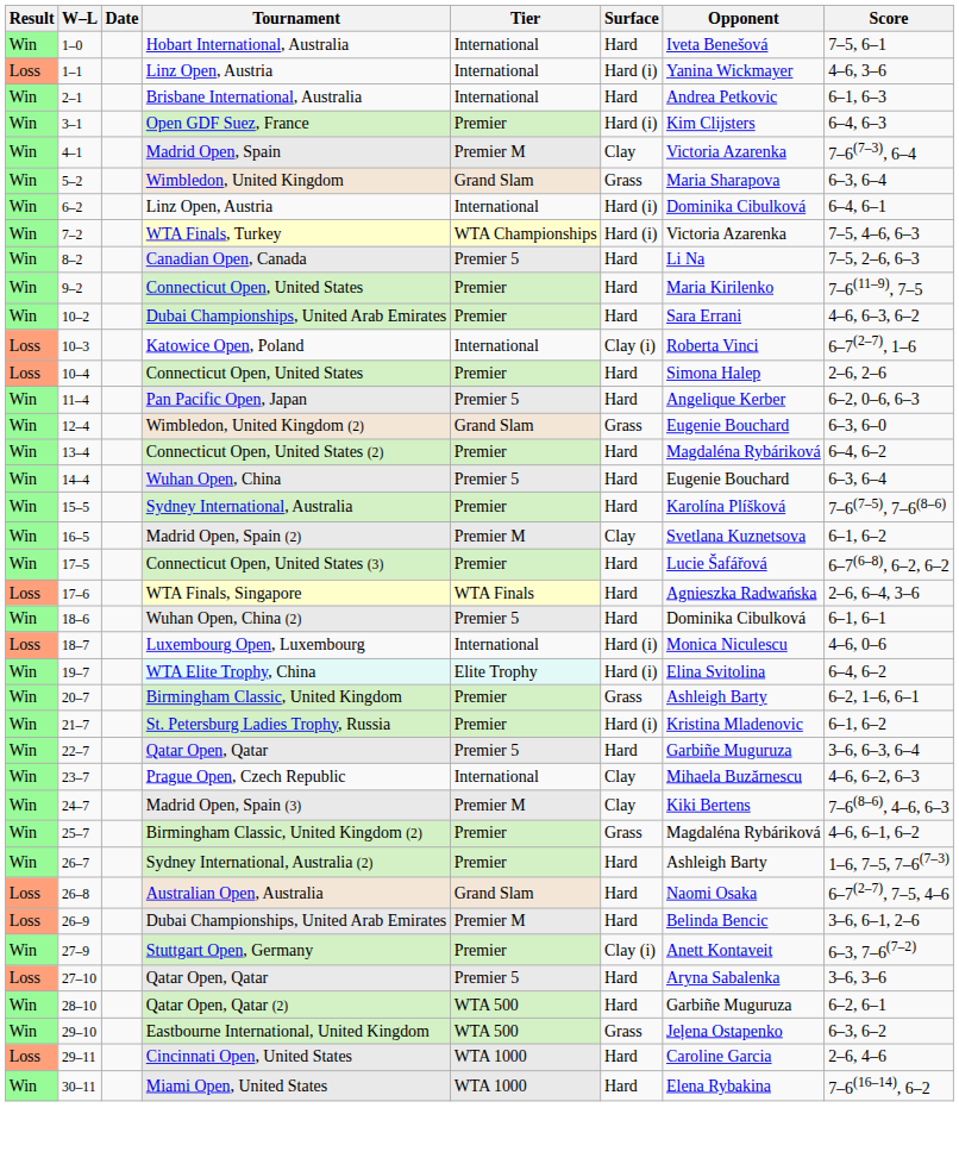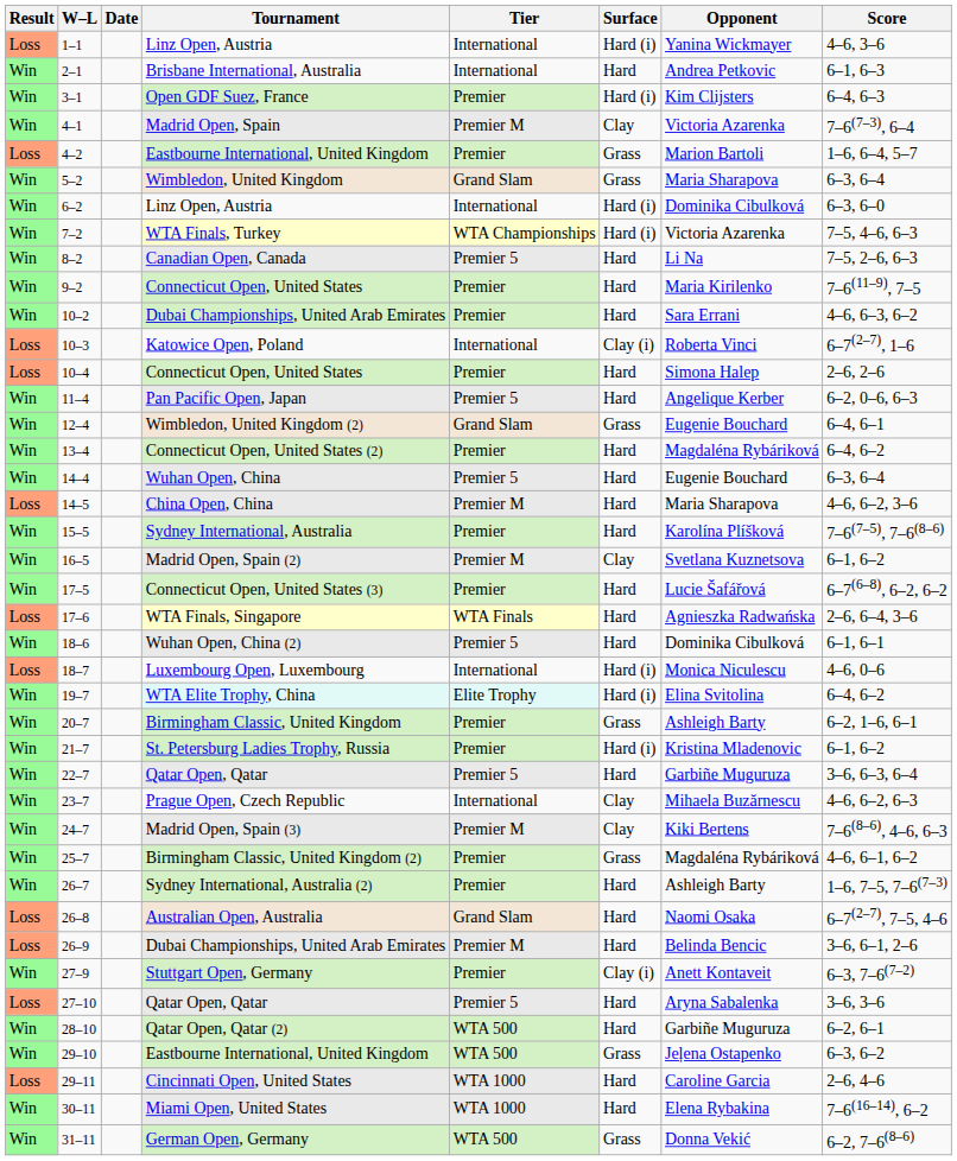 <table class="sortable wikitable nowrap">
 <tr>
 <th>Result</th>
 <th class="unsortable">W–L</th>
 <th>Date</th>
 <th>Tournament</th>
 <th>Tier</th>
 <th>Surface</th>
 <th>Opponent</th>
 <th class="unsortable">Score</th>
-</tr>
-<tr>
-<td style="background:#98fb98;">Win</td>
-<td><small>1–0</small></td>
-<td><a href='#'></a></td>
-<td><a href='#'>Hobart International</a>, Australia</td>
-<td>International</td>
-<td>Hard</td>
-<td> <a href='#'>Iveta Benešová</a></td>
-<td>7–5, 6–1</td>
 </tr>
 <tr>
 <td style="background:#ffa07a;">Loss</td>
 <td><small>1–1</small></td>
 <td><a href='#'></a></td>
 <td><a href='#'>Linz Open</a>, Austria</td>
 <td>International</td>
 <td>Hard (i)</td>
 <td> <a href='#'>Yanina Wickmayer</a></td>
 <td>4–6, 3–6</td>
 </tr>
 <tr>
 <td style="background:#98fb98;">Win</td>
 <td><small>2–1</small></td>
 <td><a href='#'></a></td>
 <td><a href='#'>Brisbane International</a>, Australia</td>
 <td>International</td>
 <td>Hard</td>
 <td> <a href='#'>Andrea Petkovic</a></td>
 <td>6–1, 6–3</td>
 </tr>
 <tr>
 <td style="background:#98fb98;">Win</td>
 <td><small>3–1</small></td>
 <td><a href='#'></a></td>
 <td style="background:#d4f1c5;"><a href='#'>Open GDF Suez</a>, France</td>
 <td style="background:#d4f1c5;">Premier</td>
 <td>Hard (i)</td>
 <td> <a href='#'>Kim Clijsters</a></td>
 <td>6–4, 6–3</td>
 </tr>
 <tr>
 <td style="background:#98fb98;">Win</td>
 <td><small>4–1</small></td>
 <td><a href='#'></a></td>
 <td style="background:#e9e9e9;"><a href='#'>Madrid Open</a>, Spain</td>
 <td style="background:#e9e9e9;">Premier M</td>
 <td>Clay</td>
 <td> <a href='#'>Victoria Azarenka</a></td>
 <td>7–6<sup>(7–3)</sup>, 6–4</td>
 </tr>
 <tr>
+<td style="background:#ffa07a;">Loss</td>
+<td><small>4–2</small></td>
+<td><a href='#'></a></td>
+<td style="background:#d4f1c5;"><a href='#'>Eastbourne International</a>, United Kingdom</td>
+<td style="background:#d4f1c5;">Premier</td>
+<td>Grass</td>
+<td> <a href='#'>Marion Bartoli</a></td>
+<td>1–6, 6–4, 5–7</td>
+</tr>
+<tr>
 <td style="background:#98fb98;">Win</td>
 <td><small>5–2</small></td>
 <td><a href='#'></a></td>
 <td style="background:#f3e6d7;"><a href='#'>Wimbledon</a>, United Kingdom</td>
 <td style="background:#f3e6d7;">Grand Slam</td>
 <td>Grass</td>
 <td> <a href='#'>Maria Sharapova</a></td>
 <td>6–3, 6–4</td>
 </tr>
 <tr>
 <td style="background:#98fb98;">Win</td>
 <td><small>6–2</small></td>
 <td><a href='#'></a></td>
 <td>Linz Open, Austria</td>
 <td>International</td>
 <td>Hard (i)</td>
 <td> <a href='#'>Dominika Cibulková</a></td>
-<td>6–4, 6–1</td>
+<td>6–3, 6–0</td>
 </tr>
 <tr>
 <td style="background:#98fb98;">Win</td>
 <td><small>7–2</small></td>
 <td><a href='#'></a></td>
 <td style="background:#FFFFCC;"><a href='#'>WTA Finals</a>, Turkey</td>
 <td style="background:#FFFFCC;">WTA Championships</td>
 <td>Hard (i)</td>
 <td> Victoria Azarenka</td>
 <td>7–5, 4–6, 6–3</td>
 </tr>
 <tr>
 <td style="background:#98fb98;">Win</td>
 <td><small>8–2</small></td>
 <td><a href='#'></a></td>
 <td style="background:#e9e9e9;"><a href='#'>Canadian Open</a>, Canada</td>
 <td style="background:#e9e9e9;">Premier 5</td>
 <td>Hard</td>
 <td> <a href='#'>Li Na</a></td>
 <td>7–5, 2–6, 6–3</td>
 </tr>
 <tr>
 <td style="background:#98fb98;">Win</td>
 <td><small>9–2</small></td>
 <td><a href='#'></a></td>
 <td style="background:#d4f1c5;"><a href='#'>Connecticut Open</a>, United States</td>
 <td style="background:#d4f1c5;">Premier</td>
 <td>Hard</td>
 <td> <a href='#'>Maria Kirilenko</a></td>
 <td>7–6<sup>(11–9)</sup>, 7–5</td>
 </tr>
 <tr>
 <td style="background:#98fb98;">Win</td>
 <td><small>10–2</small></td>
 <td><a href='#'></a></td>
 <td style="background:#d4f1c5;"><a href='#'>Dubai Championships</a>, United Arab Emirates</td>
 <td style="background:#d4f1c5;">Premier</td>
 <td>Hard</td>
 <td> <a href='#'>Sara Errani</a></td>
 <td>4–6, 6–3, 6–2</td>
 </tr>
 <tr>
 <td style="background:#ffa07a;">Loss</td>
 <td><small>10–3</small></td>
 <td><a href='#'></a></td>
 <td><a href='#'>Katowice Open</a>, Poland</td>
 <td>International</td>
 <td>Clay (i)</td>
 <td> <a href='#'>Roberta Vinci</a></td>
 <td>6–7<sup>(2–7)</sup>, 1–6</td>
 </tr>
 <tr>
 <td style="background:#ffa07a;">Loss</td>
 <td><small>10–4</small></td>
 <td><a href='#'></a></td>
 <td style="background:#d4f1c5;">Connecticut Open, United States</td>
 <td style="background:#d4f1c5;">Premier</td>
 <td>Hard</td>
 <td> <a href='#'>Simona Halep</a></td>
 <td>2–6, 2–6</td>
 </tr>
 <tr>
 <td style="background:#98fb98;">Win</td>
 <td><small>11–4</small></td>
 <td><a href='#'></a></td>
 <td style="background:#e9e9e9;"><a href='#'>Pan Pacific Open</a>, Japan</td>
 <td style="background:#e9e9e9;">Premier 5</td>
 <td>Hard</td>
 <td> <a href='#'>Angelique Kerber</a></td>
 <td>6–2, 0–6, 6–3</td>
 </tr>
 <tr>
 <td style="background:#98fb98;">Win</td>
 <td><small>12–4</small></td>
 <td><a href='#'></a></td>
 <td style="background:#f3e6d7;">Wimbledon, United Kingdom <small>(2)</small></td>
 <td style="background:#f3e6d7;">Grand Slam</td>
 <td>Grass</td>
 <td> <a href='#'>Eugenie Bouchard</a></td>
-<td>6–3, 6–0</td>
+<td>6–4, 6–1</td>
 </tr>
 <tr>
 <td style="background:#98fb98;">Win</td>
 <td><small>13–4</small></td>
 <td><a href='#'></a></td>
 <td style="background:#d4f1c5;">Connecticut Open, United States <small>(2)</small></td>
 <td style="background:#d4f1c5;">Premier</td>
 <td>Hard</td>
 <td> <a href='#'>Magdaléna Rybáriková</a></td>
 <td>6–4, 6–2</td>
 </tr>
 <tr>
 <td style="background:#98fb98;">Win</td>
 <td><small>14–4</small></td>
 <td><a href='#'></a></td>
 <td style="background:#e9e9e9;"><a href='#'>Wuhan Open</a>, China</td>
 <td style="background:#e9e9e9;">Premier 5</td>
 <td>Hard</td>
 <td> Eugenie Bouchard</td>
 <td>6–3, 6–4</td>
+</tr>
+<tr>
+<td style="background:#ffa07a;">Loss</td>
+<td><small>14–5</small></td>
+<td><a href='#'></a></td>
+<td style="background:#e9e9e9;"><a href='#'>China Open</a>, China</td>
+<td style="background:#e9e9e9;">Premier M</td>
+<td>Hard</td>
+<td> Maria Sharapova</td>
+<td>4–6, 6–2, 3–6</td>
 </tr>
 <tr>
 <td style="background:#98fb98;">Win</td>
 <td><small>15–5</small></td>
 <td><a href='#'></a></td>
 <td style="background:#d4f1c5;"><a href='#'>Sydney International</a>, Australia</td>
 <td style="background:#d4f1c5;">Premier</td>
 <td>Hard</td>
 <td> <a href='#'>Karolína Plíšková</a></td>
 <td>7–6<sup>(7–5)</sup>, 7–6<sup>(8–6)</sup></td>
 </tr>
 <tr>
 <td style="background:#98fb98;">Win</td>
 <td><small>16–5</small></td>
 <td><a href='#'></a></td>
 <td style="background:#e9e9e9;">Madrid Open, Spain <small>(2)</small></td>
 <td style="background:#e9e9e9;">Premier M</td>
 <td>Clay</td>
 <td> <a href='#'>Svetlana Kuznetsova</a></td>
 <td>6–1, 6–2</td>
 </tr>
 <tr>
 <td style="background:#98fb98;">Win</td>
 <td><small>17–5</small></td>
 <td><a href='#'></a></td>
 <td style="background:#d4f1c5;">Connecticut Open, United States <small>(3)</small></td>
 <td style="background:#d4f1c5;">Premier</td>
 <td>Hard</td>
 <td> <a href='#'>Lucie Šafářová</a></td>
 <td>6–7<sup>(6–8)</sup>, 6–2, 6–2</td>
 </tr>
 <tr>
 <td style="background:#ffa07a;">Loss</td>
 <td><small>17–6</small></td>
 <td><a href='#'></a></td>
 <td style="background:#FFFFCC;">WTA Finals, Singapore</td>
 <td style="background:#FFFFCC;">WTA Finals</td>
 <td>Hard</td>
 <td> <a href='#'>Agnieszka Radwańska</a></td>
 <td>2–6, 6–4, 3–6</td>
 </tr>
 <tr>
 <td style="background:#98fb98;">Win</td>
 <td><small>18–6</small></td>
 <td><a href='#'></a></td>
 <td style="background:#e9e9e9;">Wuhan Open, China <small>(2)</small></td>
 <td style="background:#e9e9e9;">Premier 5</td>
 <td>Hard</td>
 <td> Dominika Cibulková</td>
 <td>6–1, 6–1</td>
 </tr>
 <tr>
 <td bgcolor=ffa07a>Loss</td>
 <td><small>18–7</small></td>
 <td><a href='#'></a></td>
 <td><a href='#'>Luxembourg Open</a>, Luxembourg</td>
 <td>International</td>
 <td>Hard (i)</td>
 <td> <a href='#'>Monica Niculescu</a></td>
 <td>4–6, 0–6</td>
 </tr>
 <tr>
 <td style="background:#98fb98;">Win</td>
 <td><small>19–7</small></td>
 <td><a href='#'></a></td>
 <td style="background:#e2faf7;"><a href='#'>WTA Elite Trophy</a>, China</td>
 <td style="background:#e2faf7;">Elite Trophy</td>
 <td>Hard (i)</td>
 <td> <a href='#'>Elina Svitolina</a></td>
 <td>6–4, 6–2</td>
 </tr>
 <tr>
 <td style="background:#98fb98;">Win</td>
 <td><small>20–7</small></td>
 <td><a href='#'></a></td>
 <td style="background:#d4f1c5;"><a href='#'>Birmingham Classic</a>, United Kingdom</td>
 <td style="background:#d4f1c5;">Premier</td>
 <td>Grass</td>
 <td> <a href='#'>Ashleigh Barty</a></td>
 <td>6–2, 1–6, 6–1</td>
 </tr>
 <tr>
 <td style="background:#98fb98;">Win</td>
 <td><small>21–7</small></td>
 <td><a href='#'></a></td>
 <td style="background:#d4f1c5;"><a href='#'>St. Petersburg Ladies Trophy</a>, Russia</td>
 <td style="background:#d4f1c5;">Premier</td>
 <td>Hard (i)</td>
 <td> <a href='#'>Kristina Mladenovic</a></td>
 <td>6–1, 6–2</td>
 </tr>
 <tr>
 <td bgcolor=#98fb98>Win</td>
 <td><small>22–7</small></td>
 <td><a href='#'></a></td>
 <td style="background:#e9e9e9;"><a href='#'>Qatar Open</a>, Qatar</td>
 <td style="background:#e9e9e9;">Premier 5</td>
 <td>Hard</td>
 <td> <a href='#'>Garbiñe Muguruza</a></td>
 <td>3–6, 6–3, 6–4</td>
 </tr>
 <tr>
 <td bgcolor=#98fb98>Win</td>
 <td><small>23–7</small></td>
 <td><a href='#'></a></td>
 <td><a href='#'>Prague Open</a>, Czech Republic</td>
 <td>International</td>
 <td>Clay</td>
 <td> <a href='#'>Mihaela Buzărnescu</a></td>
 <td>4–6, 6–2, 6–3</td>
 </tr>
 <tr>
 <td style="background:#98fb98">Win</td>
 <td><small>24–7</small></td>
 <td><a href='#'></a></td>
 <td style="background:#e9e9e9;">Madrid Open, Spain <small>(3)</small></td>
 <td style="background:#e9e9e9;">Premier M</td>
 <td>Clay</td>
 <td> <a href='#'>Kiki Bertens</a></td>
 <td>7–6<sup>(8–6)</sup>, 4–6, 6–3</td>
 </tr>
 <tr>
 <td style="background:#98fb98">Win</td>
 <td><small>25–7</small></td>
 <td><a href='#'></a></td>
 <td style="background:#d4f1c5;">Birmingham Classic, United Kingdom <small>(2)</small></td>
 <td style="background:#d4f1c5;">Premier</td>
 <td>Grass</td>
 <td> Magdaléna Rybáriková</td>
 <td>4–6, 6–1, 6–2</td>
 </tr>
 <tr>
 <td style="background:#98fb98">Win</td>
 <td><small>26–7</small></td>
 <td><a href='#'></a></td>
 <td style="background:#d4f1c5;">Sydney International, Australia <small>(2)</small></td>
 <td style="background:#d4f1c5;">Premier</td>
 <td>Hard</td>
 <td> Ashleigh Barty</td>
 <td>1–6, 7–5, 7–6<sup>(7–3)</sup></td>
 </tr>
 <tr>
 <td style="background:#ffa07a;">Loss</td>
 <td><small>26–8</small></td>
 <td><a href='#'></a></td>
 <td style="background:#f3e6d7;"><a href='#'>Australian Open</a>, Australia</td>
 <td style="background:#f3e6d7;">Grand Slam</td>
 <td>Hard</td>
 <td> <a href='#'>Naomi Osaka</a></td>
 <td>6–7<sup>(2–7)</sup>, 7–5, 4–6</td>
 </tr>
 <tr>
 <td style="background:#ffa07a;">Loss</td>
 <td><small>26–9</small></td>
 <td><a href='#'></a></td>
 <td style="background:#e9e9e9;">Dubai Championships, United Arab Emirates</td>
 <td style="background:#e9e9e9;">Premier M</td>
 <td>Hard</td>
 <td> <a href='#'>Belinda Bencic</a></td>
 <td>3–6, 6–1, 2–6</td>
 </tr>
 <tr>
 <td style="background:#98fb98;">Win</td>
 <td><small>27–9</small></td>
 <td><a href='#'></a></td>
 <td style="background:#d4f1c5;"><a href='#'>Stuttgart Open</a>, Germany</td>
 <td style="background:#d4f1c5;">Premier</td>
 <td>Clay (i)</td>
 <td> <a href='#'>Anett Kontaveit</a></td>
 <td>6–3, 7–6<sup>(7–2)</sup></td>
 </tr>
 <tr>
 <td style="background:#ffa07a">Loss</td>
 <td><small>27–10</small></td>
 <td><a href='#'></a></td>
 <td style="background:#e9e9e9;">Qatar Open, Qatar</td>
 <td style="background:#e9e9e9;">Premier 5</td>
 <td>Hard</td>
 <td> <a href='#'>Aryna Sabalenka</a></td>
 <td>3–6, 3–6</td>
 </tr>
 <tr>
 <td style="background:#98fb98;">Win</td>
 <td><small>28–10</small></td>
 <td><a href='#'></a></td>
 <td style="background:#d4f1c5;">Qatar Open, Qatar <small>(2)</small></td>
 <td style="background:#d4f1c5;">WTA 500</td>
 <td>Hard</td>
 <td> Garbiñe Muguruza</td>
 <td>6–2, 6–1</td>
 </tr>
 <tr>
 <td bgcolor=98FB98>Win</td>
 <td><small>29–10</small></td>
 <td><a href='#'></a></td>
 <td bgcolor=d4f1c5>Eastbourne International, United Kingdom</td>
 <td bgcolor=d4f1c5>WTA 500</td>
 <td>Grass</td>
 <td> <a href='#'>Jeļena Ostapenko</a></td>
 <td>6–3, 6–2</td>
 </tr>
 <tr>
 <td style="background:#ffa07a">Loss</td>
 <td><small>29–11</small></td>
 <td><a href='#'></a></td>
 <td style="background:#e9e9e9;"><a href='#'>Cincinnati Open</a>, United States</td>
 <td style="background:#e9e9e9;">WTA 1000</td>
 <td>Hard</td>
 <td> <a href='#'>Caroline Garcia</a></td>
 <td>2–6, 4–6</td>
 </tr>
 <tr>
 <td bgcolor=98FB98>Win</td>
 <td><small>30–11</small></td>
 <td><a href='#'></a></td>
 <td bgcolor=e9e9e9><a href='#'>Miami Open</a>, United States</td>
 <td bgcolor=e9e9e9>WTA 1000</td>
 <td>Hard</td>
 <td> <a href='#'>Elena Rybakina</a></td>
 <td>7–6<sup>(16–14)</sup>, 6–2</td>
 </tr>
+<tr>
+<td bgcolor=98FB98>Win</td>
+<td><small>31–11</small></td>
+<td><a href='#'></a></td>
+<td bgcolor=d4f1c5><a href='#'>German Open</a>, Germany</td>
+<td bgcolor=d4f1c5>WTA 500</td>
+<td>Grass</td>
+<td> <a href='#'>Donna Vekić</a></td>
+<td>6–2, 7–6<sup>(8–6)</sup></td>
+</tr>
 </table>
